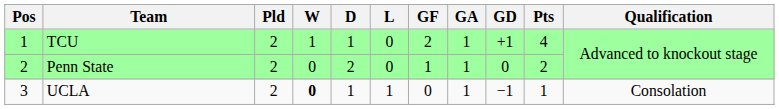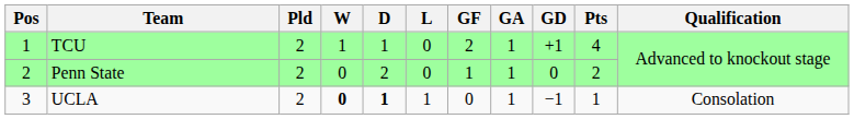 <table class="wikitable" style="text-align:center; margin: 1em auto">
 <tr>
 <th style="width:2em">Pos</th>
 <th style="width:13em">Team</th>
 <th style="width:2em">Pld</th>
 <th style="width:2em">W</th>
 <th style="width:2em">D</th>
 <th style="width:2em">L</th>
 <th style="width:2em">GF</th>
 <th style="width:2em">GA</th>
 <th style="width:2em">GD</th>
 <th style="width:2em">Pts</th>
 <th style="width:13em">Qualification</th>
 </tr>
 <tr bgcolor="#9eff9e">
 <td>1</td>
 <td style="text-align:left">TCU</td>
 <td>2</td>
 <td>1</td>
 <td>1</td>
 <td>0</td>
 <td>2</td>
 <td>1</td>
 <td>+1</td>
 <td>4</td>
 <td rowspan="2">Advanced to knockout stage</td>
 </tr>
 <tr bgcolor="#9eff9e">
 <td>2</td>
 <td style="text-align:left">Penn State</td>
 <td>2</td>
 <td>0</td>
 <td>2</td>
 <td>0</td>
 <td>1</td>
 <td>1</td>
 <td>0</td>
 <td>2</td>
 </tr>
 <tr>
 <td>3</td>
 <td style="text-align:left">UCLA</td>
 <td>2</td>
 <td><strong>0</strong></td>
-<td>1</td>
+<td><strong>1</strong></td>
 <td>1</td>
 <td>0</td>
 <td>1</td>
 <td>−1</td>
 <td>1</td>
 <td>Consolation</td>
 </tr>
 </table>
